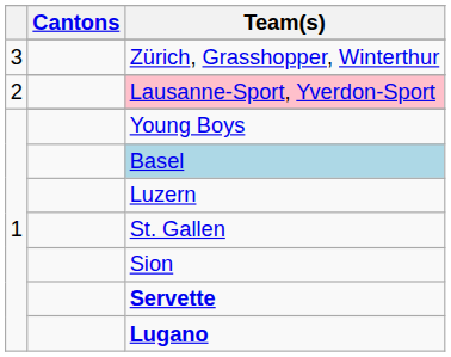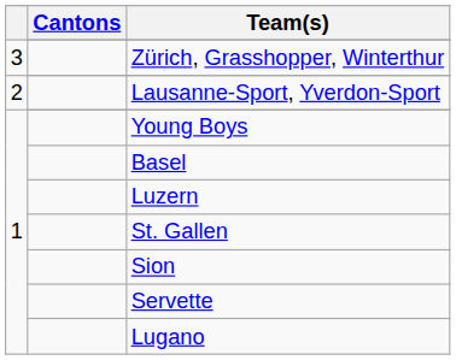 <table class="wikitable" style>
 <tr>
 </tr>
 <tr>
 <th></th>
 <th><a href='#'>Cantons</a></th>
 <th>Team(s)</th>
 </tr>
 <tr>
 <td align=center rowspan=2>3</td>
 </tr>
 <tr>
 <td align="left"></td>
 <td><a href='#'>Zürich</a>, <a href='#'>Grasshopper</a>, <a href='#'>Winterthur</a></td>
 </tr>
 <tr>
 <td align=center rowspan=2>2</td>
 </tr>
 <tr>
 <td align="left"></td>
-<td style="background: pink;"><a href='#'>Lausanne-Sport</a>, <a href='#'>Yverdon-Sport</a></td>
+<td><a href='#'>Lausanne-Sport</a>, <a href='#'>Yverdon-Sport</a></td>
 </tr>
 <tr>
 <td align=center rowspan=8>1</td>
 </tr>
 <tr>
 <td align"left"></td>
 <td><a href='#'>Young Boys</a></td>
 </tr>
 <tr>
 <td align="left"></td>
-<td style="background: lightblue;"><a href='#'>Basel</a></td>
+<td><a href='#'>Basel</a></td>
 </tr>
 <tr>
 <td align="left"></td>
 <td><a href='#'>Luzern</a></td>
 </tr>
 <tr>
 <td align="left"></td>
 <td><a href='#'>St. Gallen</a></td>
 </tr>
 <tr>
 <td align="left"></td>
 <td><a href='#'>Sion</a></td>
 </tr>
 <tr>
 <td align="left"></td>
-<td><strong><a href='#'>Servette</a></strong></td>
+<td><a href='#'>Servette</a></td>
 </tr>
 <tr>
 <td align="left"></td>
-<td><strong><a href='#'>Lugano</a></strong></td>
+<td><a href='#'>Lugano</a></td>
 </tr>
 </table>
